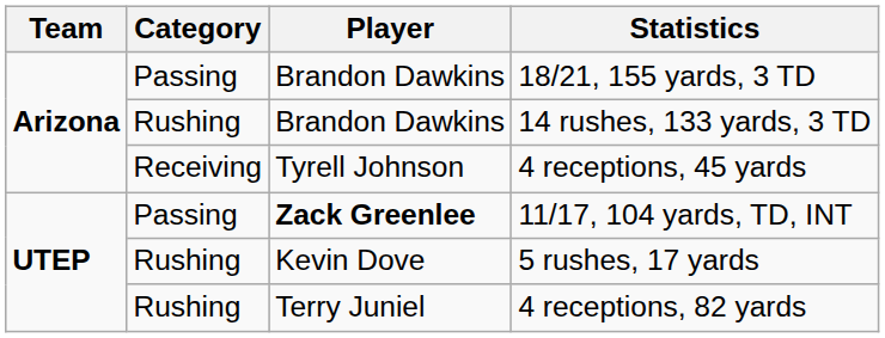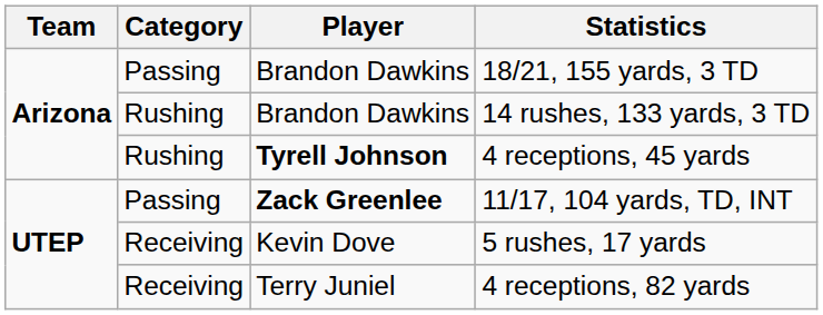 <table class="wikitable" style="float: left;">
 <tr>
 <th>Team</th>
 <th>Category</th>
 <th>Player</th>
 <th>Statistics</th>
 </tr>
 <tr>
 <td rowspan=3><strong>Arizona</strong></td>
 <td>Passing</td>
 <td>Brandon Dawkins</td>
 <td>18/21, 155 yards, 3 TD</td>
 </tr>
 <tr>
 <td>Rushing</td>
 <td>Brandon Dawkins</td>
 <td>14 rushes, 133 yards, 3 TD</td>
 </tr>
 <tr>
-<td>Receiving</td>
-<td>Tyrell Johnson</td>
+<td>Rushing</td>
+<td><strong>Tyrell Johnson</strong></td>
 <td>4 receptions, 45 yards</td>
 </tr>
 <tr>
 <td rowspan=3><strong>UTEP</strong></td>
 <td>Passing</td>
 <td><strong>Zack Greenlee</strong></td>
 <td>11/17, 104 yards, TD, INT</td>
 </tr>
 <tr>
-<td>Rushing</td>
+<td>Receiving</td>
 <td>Kevin Dove</td>
 <td>5 rushes, 17 yards</td>
 </tr>
 <tr>
-<td>Rushing</td>
+<td>Receiving</td>
 <td>Terry Juniel</td>
 <td>4 receptions, 82 yards</td>
 </tr>
 </table>
